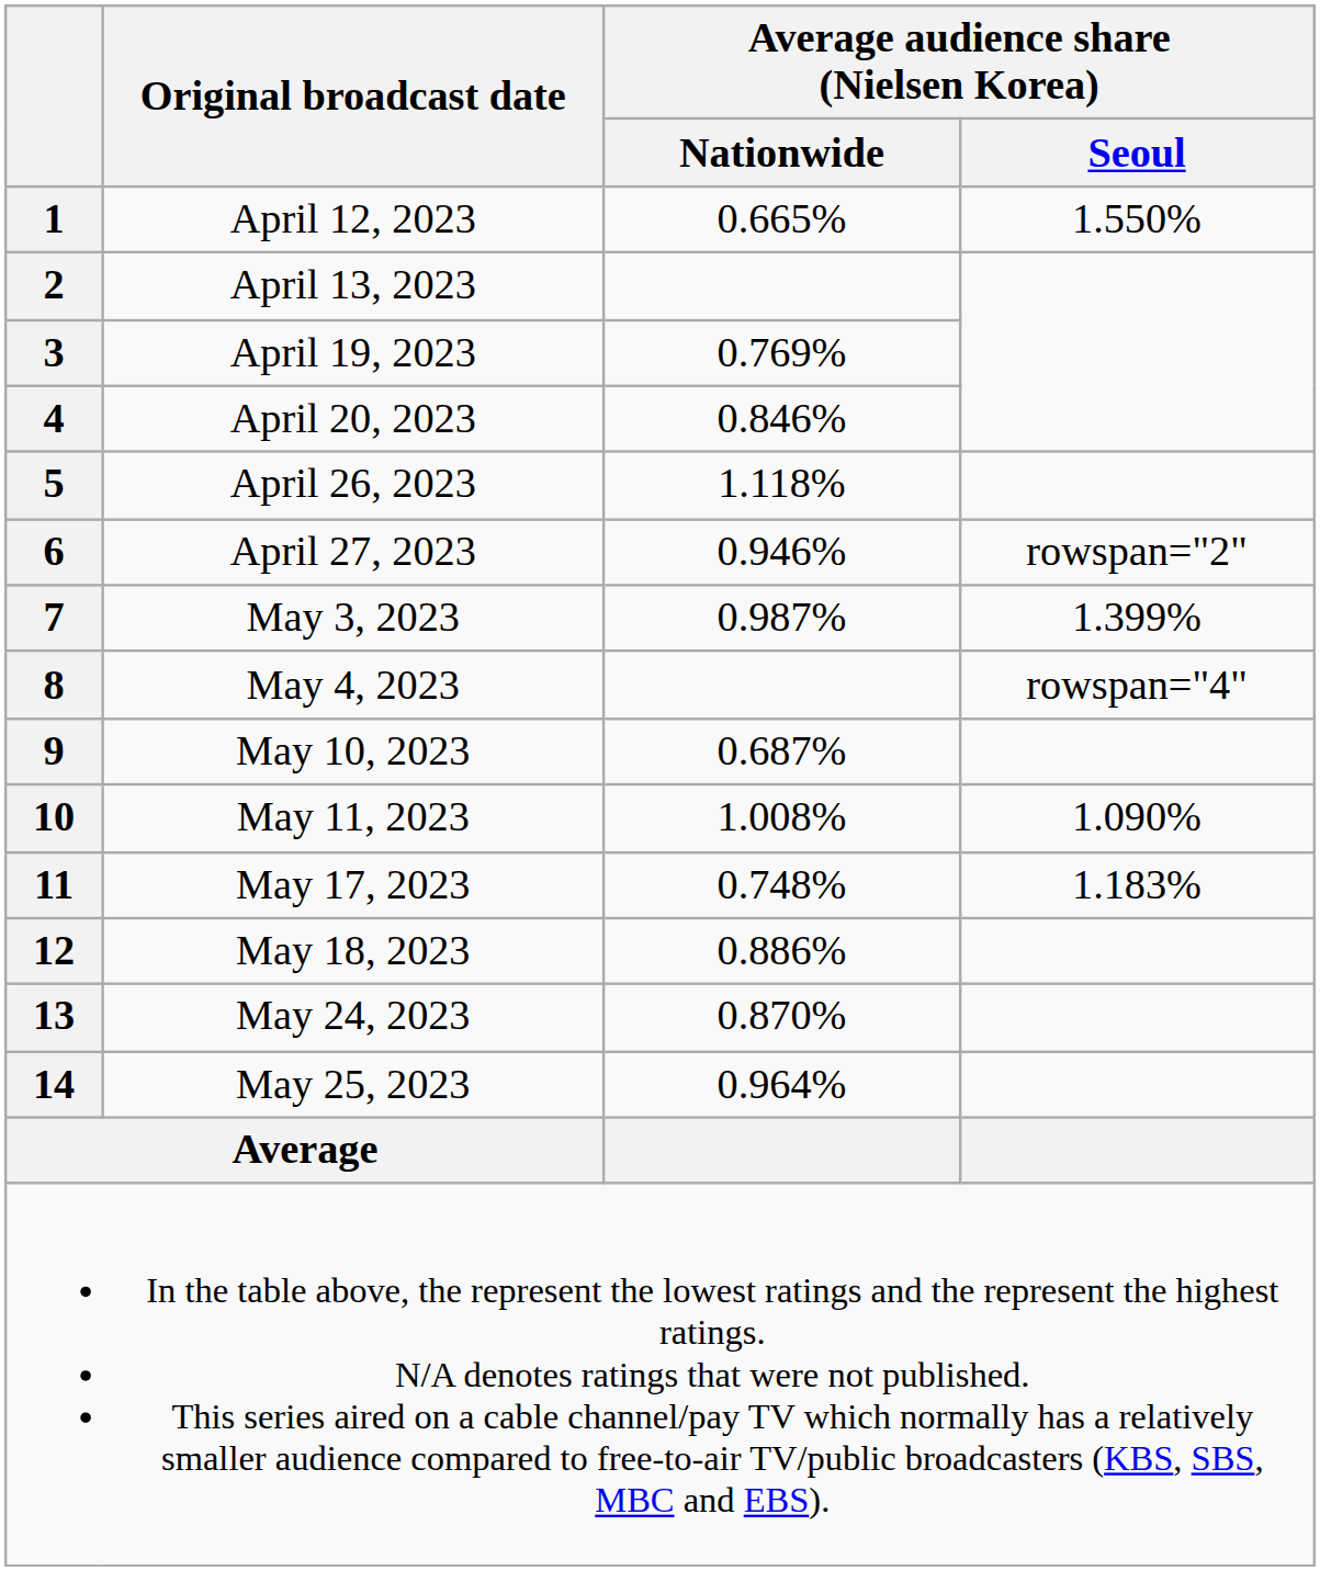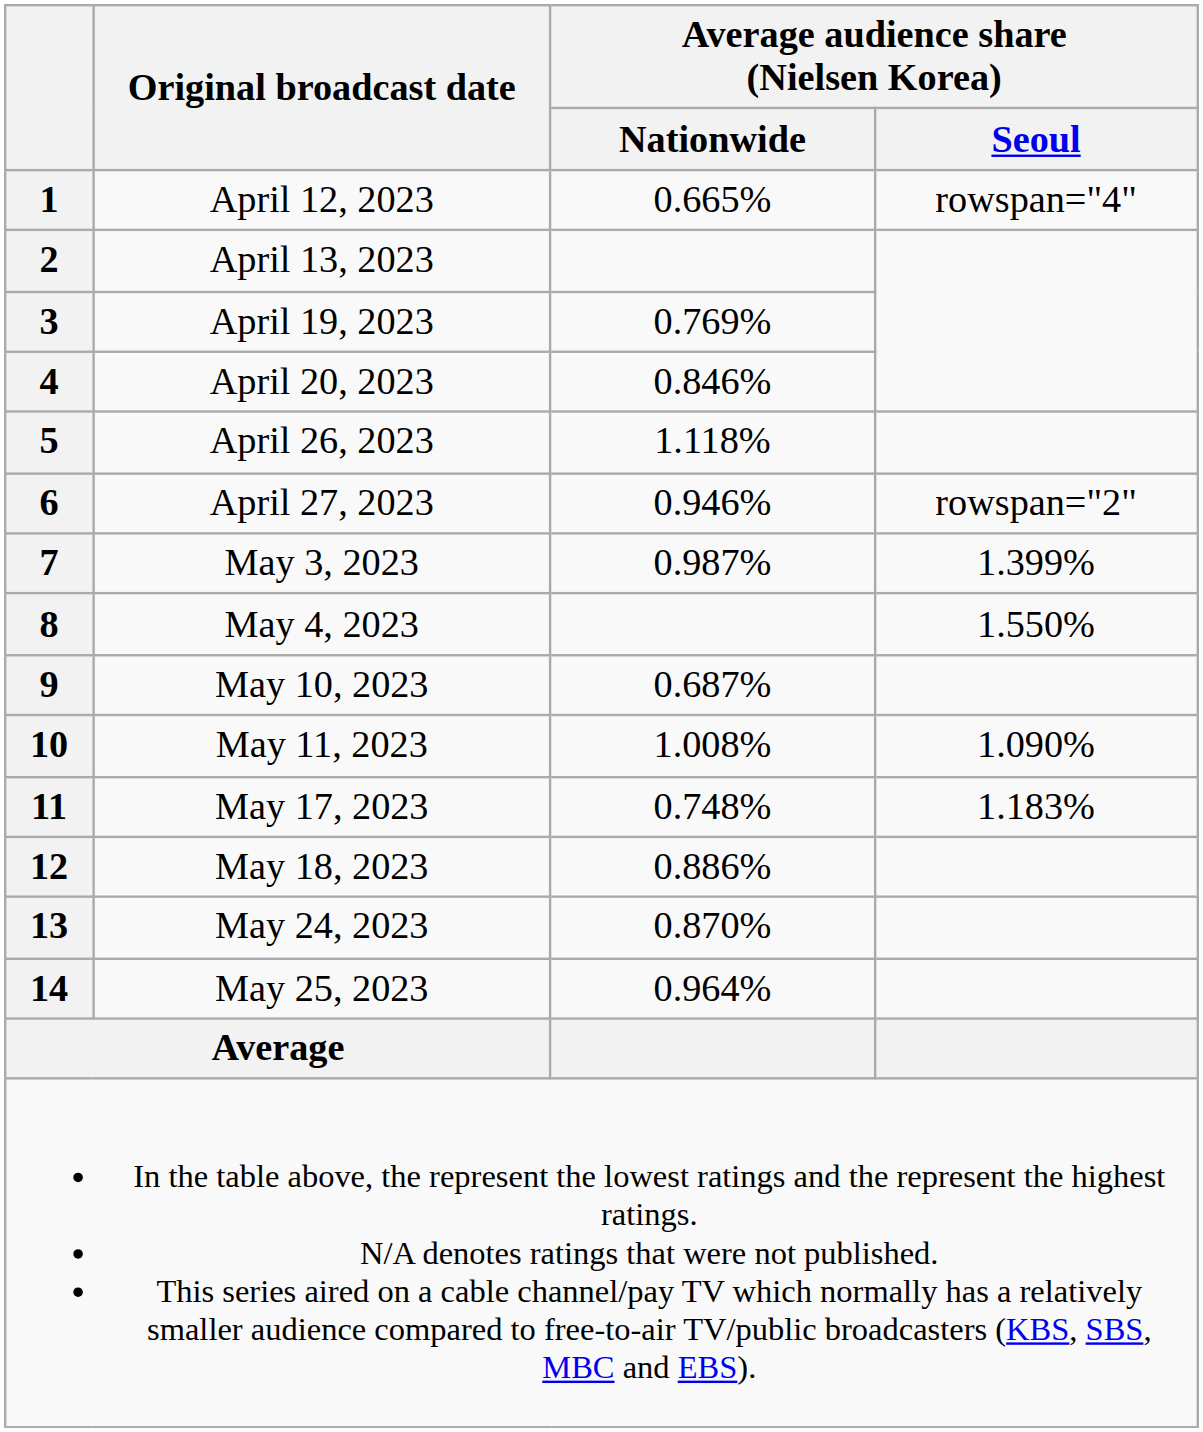 <table class="wikitable" style="width:500px; text-align:center">
 <tr>
 <th scope="col" rowspan="2"></th>
 <th scope="col" rowspan="2">Original broadcast date</th>
 <th scope="col" colspan="2">Average audience share<br>(Nielsen Korea)</th>
 </tr>
 <tr>
 <th scope="col" style="width:8em">Nationwide</th>
 <th scope="col" style="width:8em"><a href='#'>Seoul</a></th>
 </tr>
 <tr>
 <th scope="row">1</th>
 <td>April 12, 2023</td>
 <td>0.665% </td>
-<td>1.550% </td>
+<td>rowspan="4" </td>
 </tr>
 <tr>
 <th scope="row">2</th>
 <td>April 13, 2023</td>
 <td><strong></strong> </td>
 </tr>
 <tr>
 <th scope="row">3</th>
 <td>April 19, 2023</td>
 <td>0.769% </td>
 </tr>
 <tr>
 <th scope="row">4</th>
 <td>April 20, 2023</td>
 <td>0.846% </td>
 </tr>
 <tr>
 <th scope="row">5</th>
 <td>April 26, 2023</td>
 <td>1.118% </td>
 <td><strong></strong> </td>
 </tr>
 <tr>
 <th scope="row">6</th>
 <td>April 27, 2023</td>
 <td>0.946% </td>
 <td>rowspan="2" </td>
 </tr>
 <tr>
 <th scope="row">7</th>
 <td>May 3, 2023</td>
 <td>0.987% </td>
 <td>1.399% </td>
 </tr>
 <tr>
 <th scope="row">8</th>
 <td>May 4, 2023</td>
 <td><strong></strong> </td>
-<td>rowspan="4" </td>
+<td>1.550% </td>
 </tr>
 <tr>
 <th scope="row">9</th>
 <td>May 10, 2023</td>
 <td>0.687% </td>
 <td></td>
 </tr>
 <tr>
 <th scope="row">10</th>
 <td>May 11, 2023</td>
 <td>1.008% </td>
 <td>1.090% </td>
 </tr>
 <tr>
 <th scope="row">11</th>
 <td>May 17, 2023</td>
 <td>0.748% </td>
 <td>1.183% </td>
 </tr>
 <tr>
 <th scope="row">12</th>
 <td>May 18, 2023</td>
 <td>0.886% </td>
 </tr>
 <tr>
 <th scope="row">13</th>
 <td>May 24, 2023</td>
 <td>0.870% </td>
 <td><strong></strong> </td>
 </tr>
 <tr>
 <th scope="row">14</th>
 <td>May 25, 2023</td>
 <td>0.964% </td>
 <td></td>
 </tr>
 <tr>
 <th colspan="2">Average</th>
 <th></th>
 <th></th>
 </tr>
 <tr>
 <td colspan="4" style="font-size:85%"><br><ul><li>In the table above, the <strong></strong> represent the lowest ratings and the <strong></strong> represent the highest ratings.</li><li>N/A denotes ratings that were not published.</li><li>This series aired on a cable channel/pay TV which normally has a relatively smaller audience compared to free-to-air TV/public broadcasters (<a href='#'>KBS</a>, <a href='#'>SBS</a>, <a href='#'>MBC</a> and <a href='#'>EBS</a>).</li></ul></td>
 </tr>
 </table>
